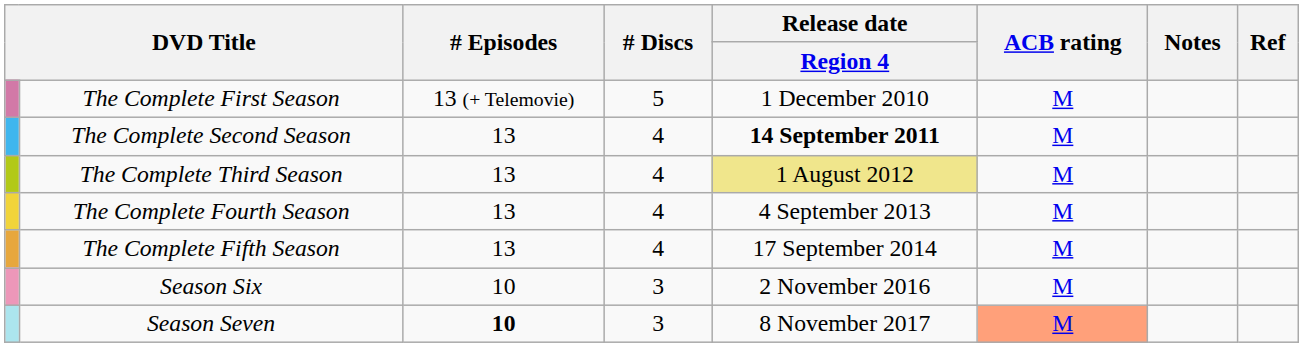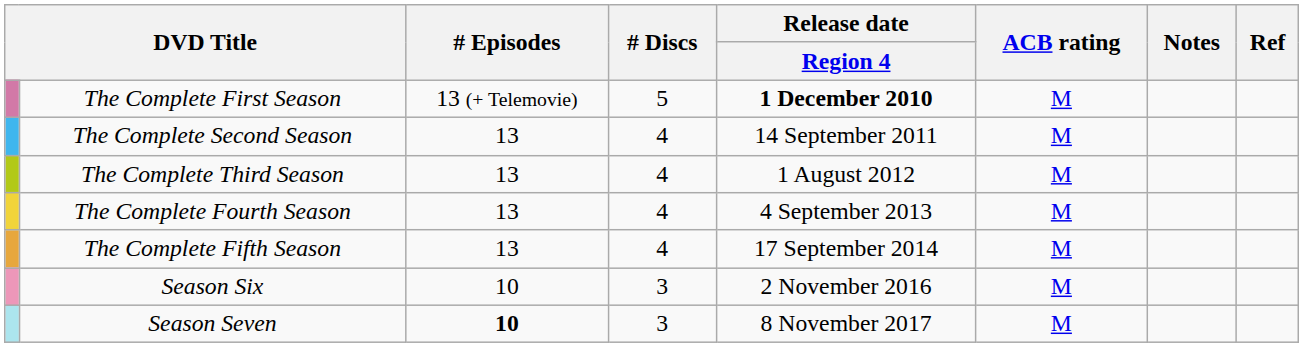 <table class="wikitable"  style="width:99%; text-align:center;">
 <tr>
 <th colspan="2" rowspan="2">DVD Title</th>
 <th rowspan="2"># Episodes</th>
 <th rowspan="2"># Discs</th>
 <th colspan="1">Release date</th>
 <th rowspan="2"><a href='#'>ACB</a> rating</th>
 <th rowspan="2">Notes</th>
 <th rowspan="2">Ref</th>
 </tr>
 <tr>
 <th><a href='#'>Region 4</a></th>
 </tr>
 <tr>
 <td style="background:#d279a7;"></td>
 <td><em>The Complete First Season</em></td>
 <td>13 <small>(+ Telemovie)</small></td>
 <td>5</td>
-<td>1 December 2010</td>
+<td><strong>1 December 2010</strong></td>
 <td><a href='#'>M</a></td>
 <td><br></td>
 <td></td>
 </tr>
 <tr>
 <td style="background:#3fb6ee;"></td>
 <td><em>The Complete Second Season</em></td>
 <td>13</td>
 <td>4</td>
-<td><strong>14 September 2011</strong></td>
+<td>14 September 2011</td>
 <td><a href='#'>M</a></td>
 <td><br></td>
 <td></td>
 </tr>
 <tr>
 <td style="background:#b2c917;"></td>
 <td><em>The Complete Third Season</em></td>
 <td>13</td>
 <td>4</td>
-<td style="background: khaki;">1 August 2012</td>
+<td>1 August 2012</td>
 <td><a href='#'>M</a></td>
 <td><br></td>
 <td></td>
 </tr>
 <tr>
 <td style="background:#F1D43A;"></td>
 <td><em>The Complete Fourth Season</em></td>
 <td>13</td>
 <td>4</td>
 <td>4 September 2013</td>
 <td><a href='#'>M</a></td>
 <td><br></td>
 <td></td>
 </tr>
 <tr>
 <td style="background:#E7A73D;"></td>
 <td><em>The Complete Fifth Season</em></td>
 <td>13</td>
 <td>4</td>
 <td>17 September 2014</td>
 <td><a href='#'>M</a></td>
 <td><br></td>
 <td></td>
 </tr>
 <tr>
 <td style="background:#ED97B9;"></td>
 <td><em>Season Six</em></td>
 <td>10</td>
 <td>3</td>
 <td>2 November 2016</td>
 <td><a href='#'>M</a></td>
 <td><br></td>
 <td></td>
 </tr>
 <tr>
 <td style="background:#ACE5EE;"></td>
 <td><em>Season Seven</em></td>
 <td><strong>10</strong></td>
 <td>3</td>
 <td>8 November 2017</td>
-<td style="background: lightsalmon;"><a href='#'>M</a></td>
+<td><a href='#'>M</a></td>
 <td><br></td>
 <td></td>
 </tr>
 </table>
